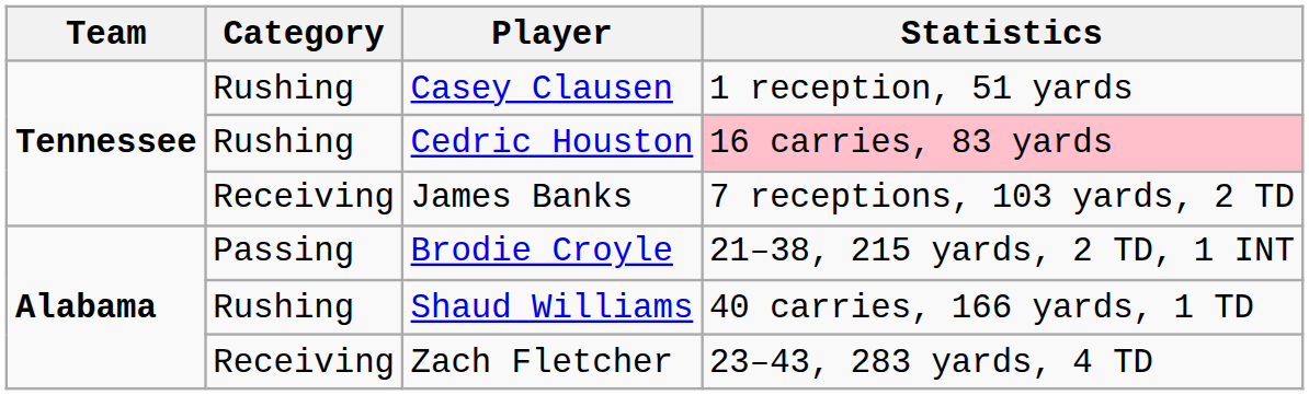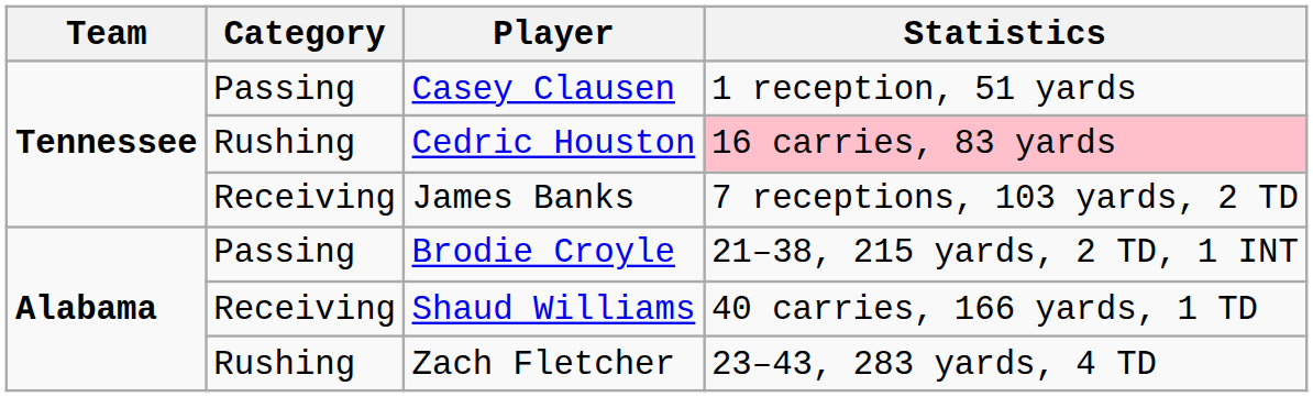 <table class="wikitable" style="float: right;">
 <tr>
 <th>Team</th>
 <th>Category</th>
 <th>Player</th>
 <th>Statistics</th>
 </tr>
 <tr>
 <td rowspan=3><strong>Tennessee</strong></td>
-<td>Rushing</td>
+<td>Passing</td>
 <td><a href='#'>Casey Clausen</a></td>
 <td>1 reception, 51 yards</td>
 </tr>
 <tr>
 <td>Rushing</td>
 <td><a href='#'>Cedric Houston</a></td>
 <td style="background: pink;">16 carries, 83 yards</td>
 </tr>
 <tr>
 <td>Receiving</td>
 <td>James Banks</td>
 <td>7 receptions, 103 yards, 2 TD</td>
 </tr>
 <tr>
 <td rowspan=3><strong>Alabama</strong></td>
 <td>Passing</td>
 <td><a href='#'>Brodie Croyle</a></td>
 <td>21–38, 215 yards, 2 TD, 1 INT</td>
 </tr>
 <tr>
-<td>Rushing</td>
+<td>Receiving</td>
 <td><a href='#'>Shaud Williams</a></td>
 <td>40 carries, 166 yards, 1 TD</td>
 </tr>
 <tr>
-<td>Receiving</td>
+<td>Rushing</td>
 <td>Zach Fletcher</td>
 <td>23–43, 283 yards, 4 TD</td>
 </tr>
 </table>
